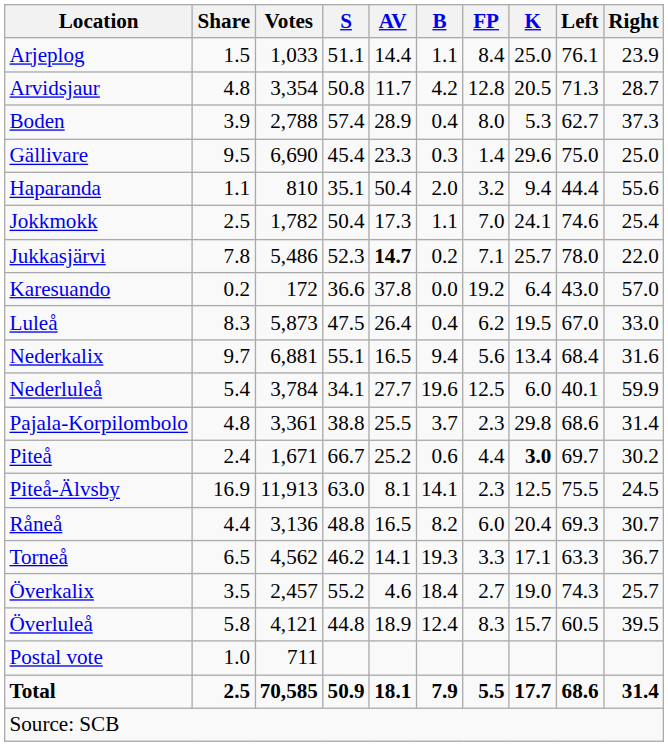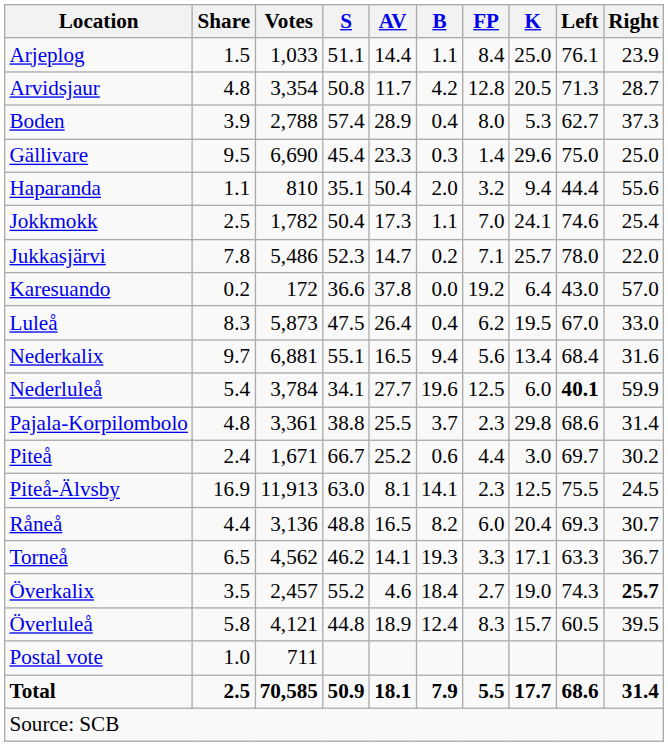 <table class="wikitable sortable" style=text-align:right>
 <tr>
 <th>Location</th>
 <th>Share</th>
 <th>Votes</th>
 <th><a href='#'>S</a></th>
 <th><a href='#'>AV</a></th>
 <th><a href='#'>B</a></th>
 <th><a href='#'>FP</a></th>
 <th><a href='#'>K</a></th>
 <th>Left</th>
 <th>Right</th>
 </tr>
 <tr>
 <td align=left><a href='#'>Arjeplog</a></td>
 <td>1.5</td>
 <td>1,033</td>
 <td>51.1</td>
 <td>14.4</td>
 <td>1.1</td>
 <td>8.4</td>
 <td>25.0</td>
 <td>76.1</td>
 <td>23.9</td>
 </tr>
 <tr>
 <td align=left><a href='#'>Arvidsjaur</a></td>
 <td>4.8</td>
 <td>3,354</td>
 <td>50.8</td>
 <td>11.7</td>
 <td>4.2</td>
 <td>12.8</td>
 <td>20.5</td>
 <td>71.3</td>
 <td>28.7</td>
 </tr>
 <tr>
 <td align=left><a href='#'>Boden</a></td>
 <td>3.9</td>
 <td>2,788</td>
 <td>57.4</td>
 <td>28.9</td>
 <td>0.4</td>
 <td>8.0</td>
 <td>5.3</td>
 <td>62.7</td>
 <td>37.3</td>
 </tr>
 <tr>
 <td align=left><a href='#'>Gällivare</a></td>
 <td>9.5</td>
 <td>6,690</td>
 <td>45.4</td>
 <td>23.3</td>
 <td>0.3</td>
 <td>1.4</td>
 <td>29.6</td>
 <td>75.0</td>
 <td>25.0</td>
 </tr>
 <tr>
 <td align=left><a href='#'>Haparanda</a></td>
 <td>1.1</td>
 <td>810</td>
 <td>35.1</td>
 <td>50.4</td>
 <td>2.0</td>
 <td>3.2</td>
 <td>9.4</td>
 <td>44.4</td>
 <td>55.6</td>
 </tr>
 <tr>
 <td align=left><a href='#'>Jokkmokk</a></td>
 <td>2.5</td>
 <td>1,782</td>
 <td>50.4</td>
 <td>17.3</td>
 <td>1.1</td>
 <td>7.0</td>
 <td>24.1</td>
 <td>74.6</td>
 <td>25.4</td>
 </tr>
 <tr>
 <td align=left><a href='#'>Jukkasjärvi</a></td>
 <td>7.8</td>
 <td>5,486</td>
 <td>52.3</td>
-<td><strong>14.7</strong></td>
+<td>14.7</td>
 <td>0.2</td>
 <td>7.1</td>
 <td>25.7</td>
 <td>78.0</td>
 <td>22.0</td>
 </tr>
 <tr>
 <td align=left><a href='#'>Karesuando</a></td>
 <td>0.2</td>
 <td>172</td>
 <td>36.6</td>
 <td>37.8</td>
 <td>0.0</td>
 <td>19.2</td>
 <td>6.4</td>
 <td>43.0</td>
 <td>57.0</td>
 </tr>
 <tr>
 <td align=left><a href='#'>Luleå</a></td>
 <td>8.3</td>
 <td>5,873</td>
 <td>47.5</td>
 <td>26.4</td>
 <td>0.4</td>
 <td>6.2</td>
 <td>19.5</td>
 <td>67.0</td>
 <td>33.0</td>
 </tr>
 <tr>
 <td align=left><a href='#'>Nederkalix</a></td>
 <td>9.7</td>
 <td>6,881</td>
 <td>55.1</td>
 <td>16.5</td>
 <td>9.4</td>
 <td>5.6</td>
 <td>13.4</td>
 <td>68.4</td>
 <td>31.6</td>
 </tr>
 <tr>
 <td align=left><a href='#'>Nederluleå</a></td>
 <td>5.4</td>
 <td>3,784</td>
 <td>34.1</td>
 <td>27.7</td>
 <td>19.6</td>
 <td>12.5</td>
 <td>6.0</td>
-<td>40.1</td>
+<td><strong>40.1</strong></td>
 <td>59.9</td>
 </tr>
 <tr>
 <td align=left><a href='#'>Pajala-Korpilombolo</a></td>
 <td>4.8</td>
 <td>3,361</td>
 <td>38.8</td>
 <td>25.5</td>
 <td>3.7</td>
 <td>2.3</td>
 <td>29.8</td>
 <td>68.6</td>
 <td>31.4</td>
 </tr>
 <tr>
 <td align=left><a href='#'>Piteå</a></td>
 <td>2.4</td>
 <td>1,671</td>
 <td>66.7</td>
 <td>25.2</td>
 <td>0.6</td>
 <td>4.4</td>
-<td><strong>3.0</strong></td>
+<td>3.0</td>
 <td>69.7</td>
 <td>30.2</td>
 </tr>
 <tr>
 <td align=left><a href='#'>Piteå-Älvsby</a></td>
 <td>16.9</td>
 <td>11,913</td>
 <td>63.0</td>
 <td>8.1</td>
 <td>14.1</td>
 <td>2.3</td>
 <td>12.5</td>
 <td>75.5</td>
 <td>24.5</td>
 </tr>
 <tr>
 <td align=left><a href='#'>Råneå</a></td>
 <td>4.4</td>
 <td>3,136</td>
 <td>48.8</td>
 <td>16.5</td>
 <td>8.2</td>
 <td>6.0</td>
 <td>20.4</td>
 <td>69.3</td>
 <td>30.7</td>
 </tr>
 <tr>
 <td align=left><a href='#'>Torneå</a></td>
 <td>6.5</td>
 <td>4,562</td>
 <td>46.2</td>
 <td>14.1</td>
 <td>19.3</td>
 <td>3.3</td>
 <td>17.1</td>
 <td>63.3</td>
 <td>36.7</td>
 </tr>
 <tr>
 <td align=left><a href='#'>Överkalix</a></td>
 <td>3.5</td>
 <td>2,457</td>
 <td>55.2</td>
 <td>4.6</td>
 <td>18.4</td>
 <td>2.7</td>
 <td>19.0</td>
 <td>74.3</td>
-<td>25.7</td>
+<td><strong>25.7</strong></td>
 </tr>
 <tr>
 <td align=left><a href='#'>Överluleå</a></td>
 <td>5.8</td>
 <td>4,121</td>
 <td>44.8</td>
 <td>18.9</td>
 <td>12.4</td>
 <td>8.3</td>
 <td>15.7</td>
 <td>60.5</td>
 <td>39.5</td>
 </tr>
 <tr>
 <td align=left><a href='#'>Postal vote</a></td>
 <td>1.0</td>
 <td>711</td>
 <td></td>
 <td></td>
 <td></td>
 <td></td>
 <td></td>
 <td></td>
 <td></td>
 </tr>
 <tr>
 <td align=left><strong>Total</strong></td>
 <td><strong>2.5</strong></td>
 <td><strong>70,585</strong></td>
 <td><strong>50.9</strong></td>
 <td><strong>18.1</strong></td>
 <td><strong>7.9</strong></td>
 <td><strong>5.5</strong></td>
 <td><strong>17.7</strong></td>
 <td><strong>68.6</strong></td>
 <td><strong>31.4</strong></td>
 </tr>
 <tr>
 <td align=left colspan=10>Source: SCB </td>
 </tr>
 </table>
